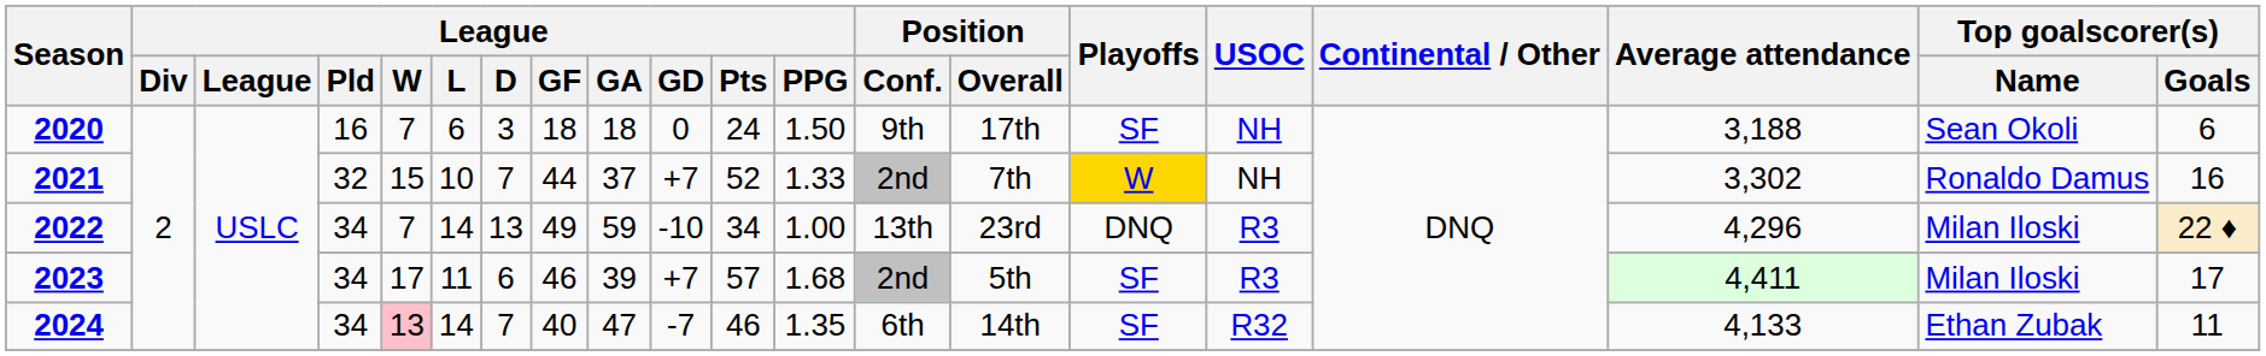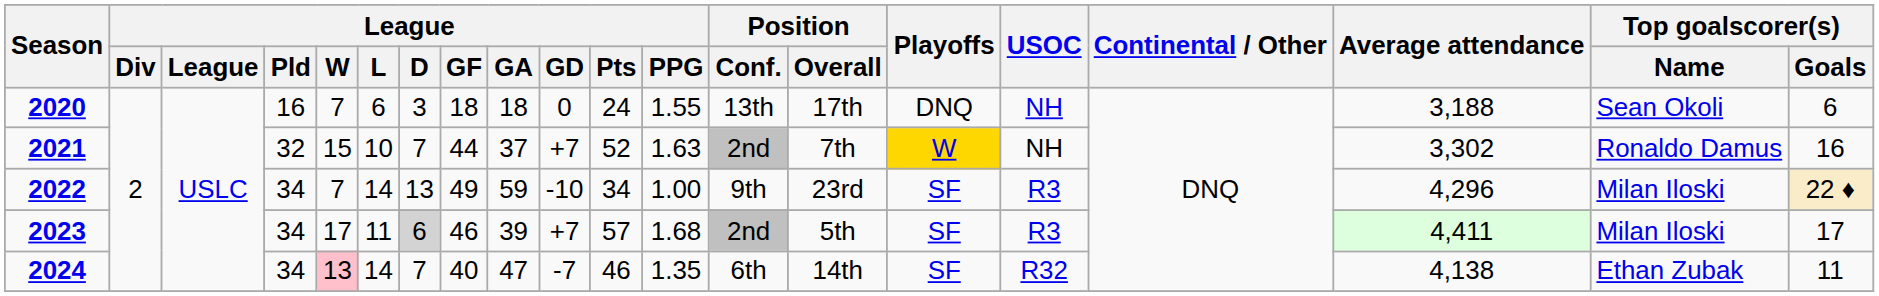 <table class="wikitable" style="font-size:90%; text-align:center;">
 <tr style="background:#f0f6ff;">
 <th rowspan=2>Season</th>
 <th colspan=11>League</th>
 <th colspan=2>Position</th>
 <th rowspan=2>Playoffs</th>
 <th rowspan=2><a href='#'>USOC</a></th>
 <th rowspan="2"><a href='#'>Continental</a> / Other</th>
 <th rowspan=2>Average attendance</th>
 <th colspan=2>Top goalscorer(s)</th>
 </tr>
 <tr>
 <th>Div</th>
 <th>League</th>
 <th>Pld</th>
 <th>W</th>
 <th>L</th>
 <th>D</th>
 <th>GF</th>
 <th>GA</th>
 <th>GD</th>
 <th>Pts</th>
 <th>PPG</th>
 <th>Conf.</th>
 <th>Overall</th>
 <th>Name</th>
 <th>Goals</th>
 </tr>
 <tr>
 <td><strong><a href='#'>2020</a></strong></td>
 <td rowspan="5">2</td>
 <td rowspan="5"><a href='#'>USLC</a></td>
 <td>16</td>
 <td>7</td>
 <td>6</td>
 <td>3</td>
 <td>18</td>
 <td>18</td>
 <td>0</td>
 <td>24</td>
-<td>1.50</td>
-<td>9th</td>
+<td>1.55</td>
+<td>13th</td>
 <td>17th</td>
-<td><a href='#'>SF</a></td>
+<td>DNQ</td>
 <td><a href='#'>NH</a></td>
 <td rowspan="5">DNQ</td>
 <td>3,188</td>
 <td align="left"> <a href='#'>Sean Okoli</a></td>
 <td>6</td>
 </tr>
 <tr>
 <td><strong><a href='#'>2021</a></strong></td>
 <td>32</td>
 <td>15</td>
 <td>10</td>
 <td>7</td>
 <td>44</td>
 <td>37</td>
 <td>+7</td>
 <td>52</td>
-<td>1.33</td>
+<td>1.63</td>
 <td bgcolor="silver">2nd</td>
 <td>7th</td>
 <td bgcolor="gold"><a href='#'>W</a></td>
 <td>NH</td>
 <td>3,302</td>
 <td align="left"> <a href='#'>Ronaldo Damus</a></td>
 <td>16</td>
 </tr>
 <tr>
 <td><strong><a href='#'>2022</a></strong></td>
 <td>34</td>
 <td>7</td>
 <td>14</td>
 <td>13</td>
 <td>49</td>
 <td>59</td>
 <td>-10</td>
 <td>34</td>
 <td>1.00</td>
-<td>13th</td>
+<td>9th</td>
 <td>23rd</td>
-<td>DNQ</td>
+<td><a href='#'>SF</a></td>
 <td><a href='#'>R3</a></td>
 <td>4,296</td>
 <td align="left"> <a href='#'>Milan Iloski</a></td>
 <td style="background:#FAECC8;">22 ♦</td>
 </tr>
 <tr>
 <td><strong><a href='#'>2023</a></strong></td>
 <td>34</td>
 <td>17</td>
 <td>11</td>
-<td>6</td>
+<td style="background: lightgrey;">6</td>
 <td>46</td>
 <td>39</td>
 <td>+7</td>
 <td>57</td>
 <td>1.68</td>
 <td bgcolor="silver">2nd</td>
 <td>5th</td>
 <td><a href='#'>SF</a></td>
 <td><a href='#'>R3</a></td>
 <td style="background:#dfd;">4,411</td>
 <td align="left"> <a href='#'>Milan Iloski</a></td>
 <td>17</td>
 </tr>
 <tr>
 <td><a href='#'><strong>2024</strong></a></td>
 <td>34</td>
 <td style="background: pink;">13</td>
 <td>14</td>
 <td>7</td>
 <td>40</td>
 <td>47</td>
 <td>-7</td>
 <td>46</td>
 <td>1.35</td>
 <td>6th</td>
 <td>14th</td>
 <td><a href='#'>SF</a></td>
 <td><a href='#'>R32</a></td>
-<td>4,133</td>
+<td>4,138</td>
 <td align="left"><a href='#'>Ethan Zubak</a></td>
 <td>11</td>
 </tr>
 </table>
